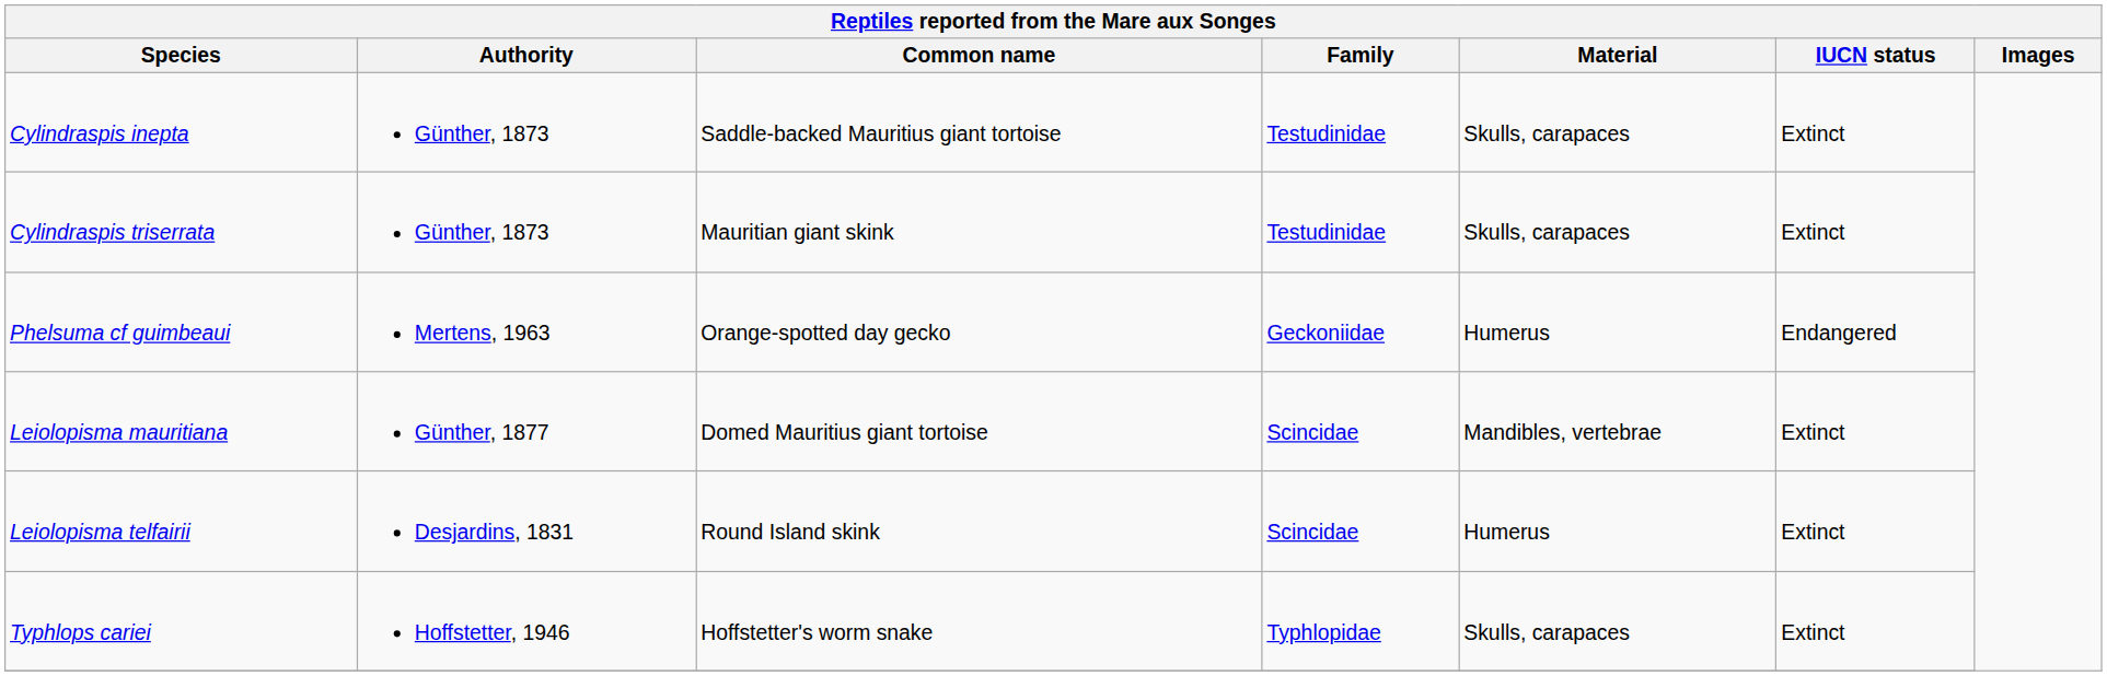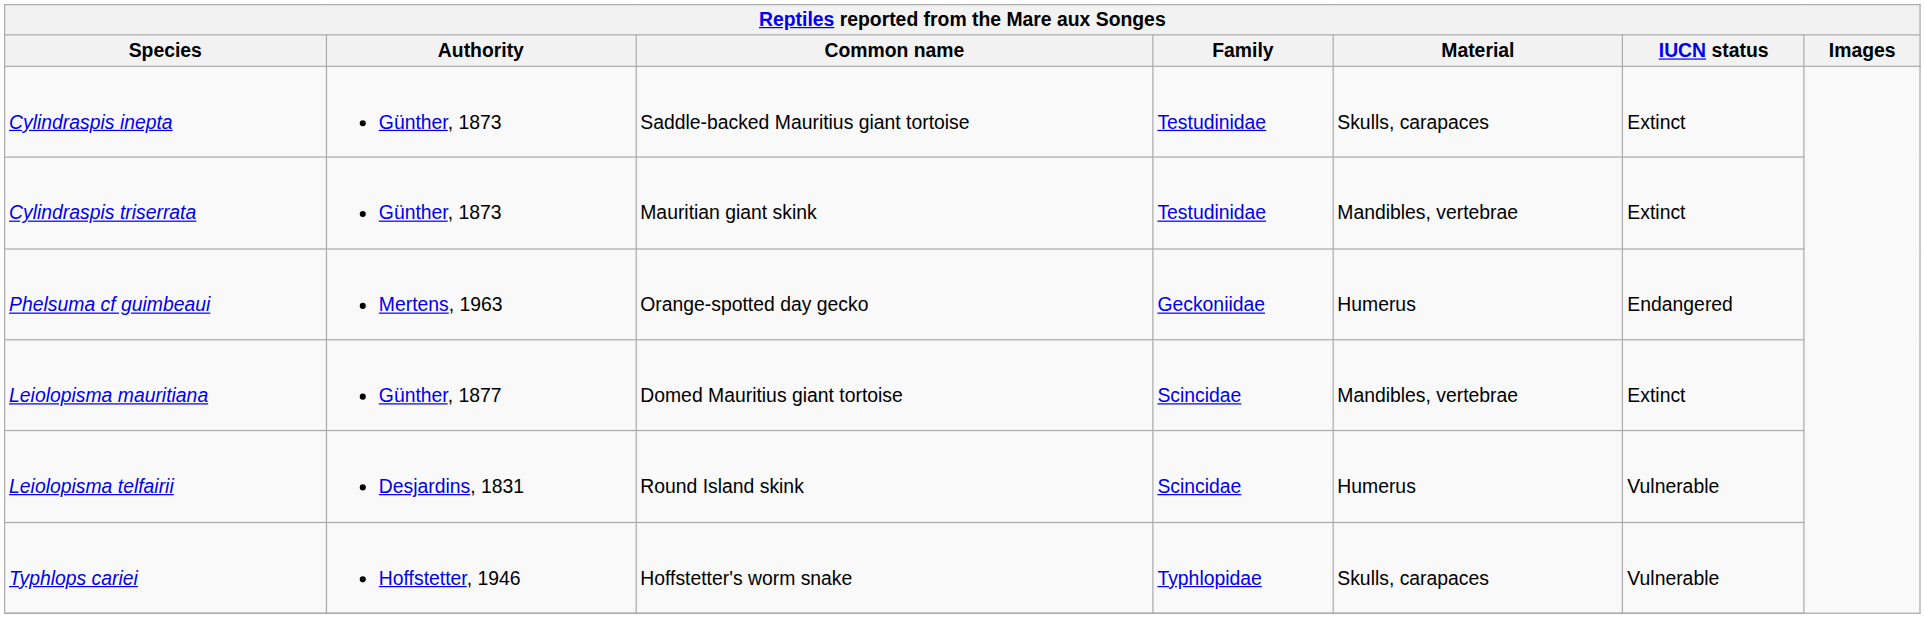 <table class="wikitable" align="center" width="100%">
 <tr>
 <th colspan="7" align="center"><strong><a href='#'>Reptiles</a> reported from the Mare aux Songes</strong></th>
 </tr>
 <tr>
 <th>Species</th>
 <th>Authority</th>
 <th>Common name</th>
 <th>Family</th>
 <th>Material</th>
 <th><a href='#'>IUCN</a> status</th>
 <th>Images</th>
 </tr>
 <tr>
 <td><br><em><a href='#'>Cylindraspis inepta</a></em></td>
 <td><br><ul><li><a href='#'>Günther</a>, 1873</li></ul></td>
 <td><br>Saddle-backed Mauritius giant tortoise</td>
 <td><br><a href='#'>Testudinidae</a></td>
 <td><br>Skulls, carapaces</td>
 <td><br>Extinct</td>
 <td rowspan="99"><br> </td>
 </tr>
 <tr>
 <td><br><em><a href='#'>Cylindraspis triserrata</a></em></td>
 <td><br><ul><li><a href='#'>Günther</a>, 1873</li></ul></td>
 <td><br>Mauritian giant skink</td>
 <td><br><a href='#'>Testudinidae</a></td>
-<td><br>Skulls, carapaces</td>
+<td><br>Mandibles, vertebrae</td>
 <td><br>Extinct</td>
 </tr>
 <tr>
 <td><br><em><a href='#'>Phelsuma cf guimbeaui</a></em></td>
 <td><br><ul><li><a href='#'>Mertens</a>, 1963</li></ul></td>
 <td><br>Orange-spotted day gecko</td>
 <td><br><a href='#'>Geckoniidae</a></td>
 <td><br>Humerus</td>
 <td><br>Endangered</td>
 </tr>
 <tr>
 <td><br><em><a href='#'>Leiolopisma mauritiana</a></em></td>
 <td><br><ul><li><a href='#'>Günther</a>, 1877</li></ul></td>
 <td><br>Domed Mauritius giant tortoise</td>
 <td><br><a href='#'>Scincidae</a></td>
 <td><br>Mandibles, vertebrae</td>
 <td><br>Extinct</td>
 </tr>
 <tr>
 <td><br><em><a href='#'>Leiolopisma telfairii</a></em></td>
 <td><br><ul><li><a href='#'>Desjardins</a>, 1831</li></ul></td>
 <td><br>Round Island skink</td>
 <td><br><a href='#'>Scincidae</a></td>
 <td><br>Humerus</td>
-<td><br>Extinct</td>
+<td><br>Vulnerable</td>
 </tr>
 <tr>
 <td><br><em><a href='#'>Typhlops cariei</a></em></td>
 <td><br><ul><li><a href='#'>Hoffstetter</a>, 1946</li></ul></td>
 <td><br>Hoffstetter's worm snake</td>
 <td><br><a href='#'>Typhlopidae</a></td>
 <td><br>Skulls, carapaces</td>
-<td><br>Extinct</td>
+<td><br>Vulnerable</td>
 </tr>
 <tr>
 </tr>
 </table>
